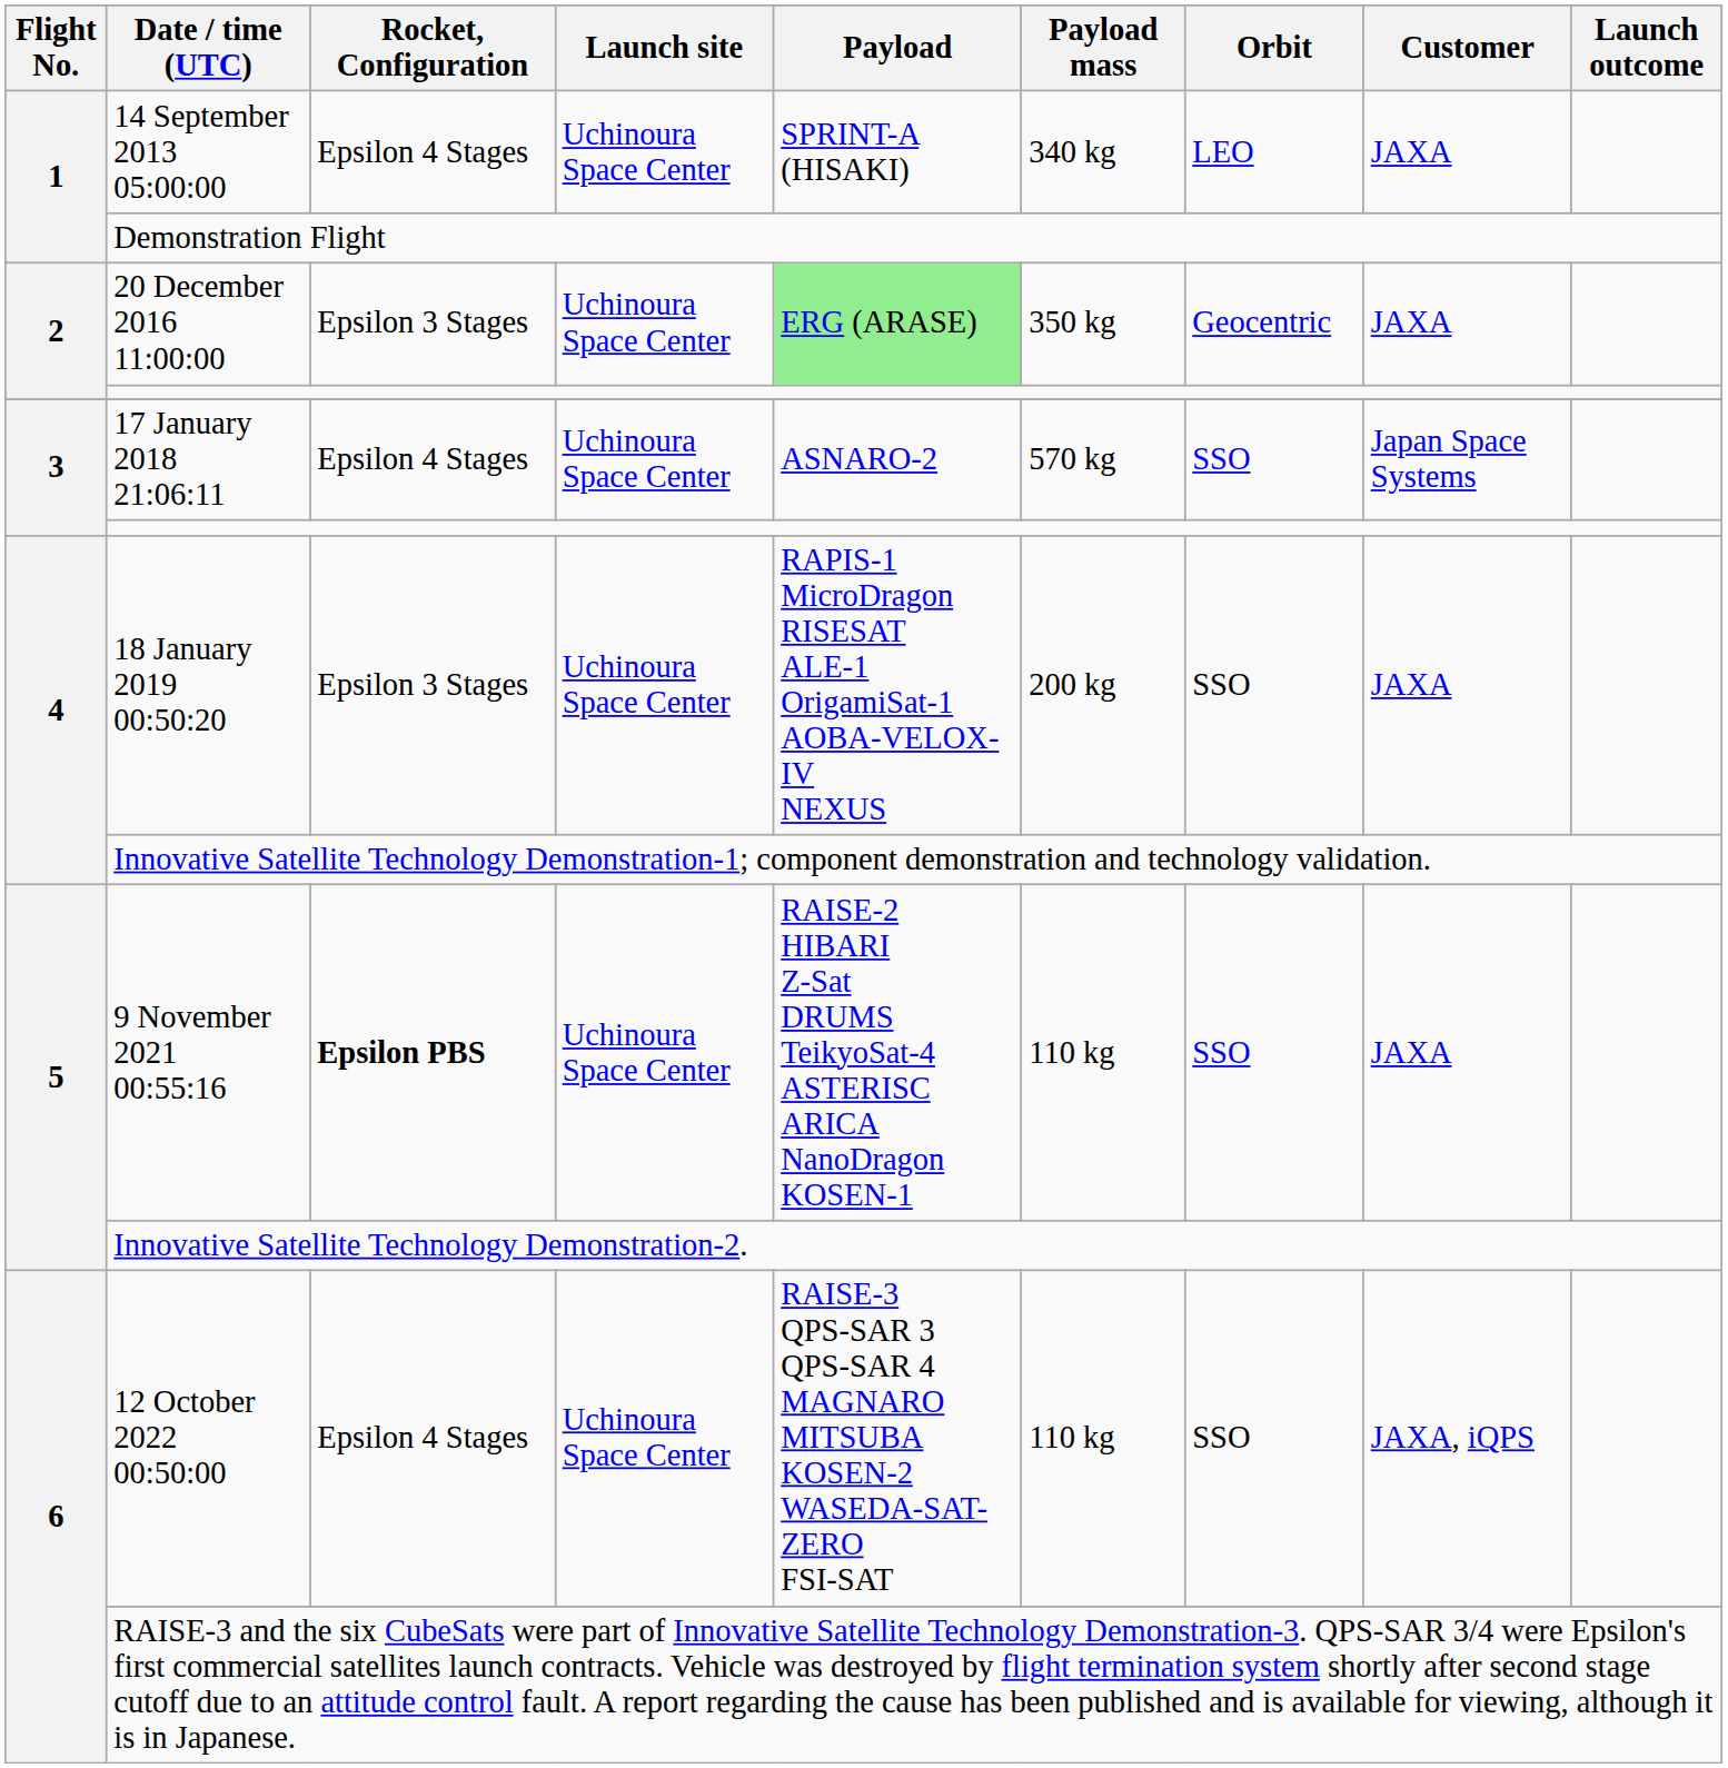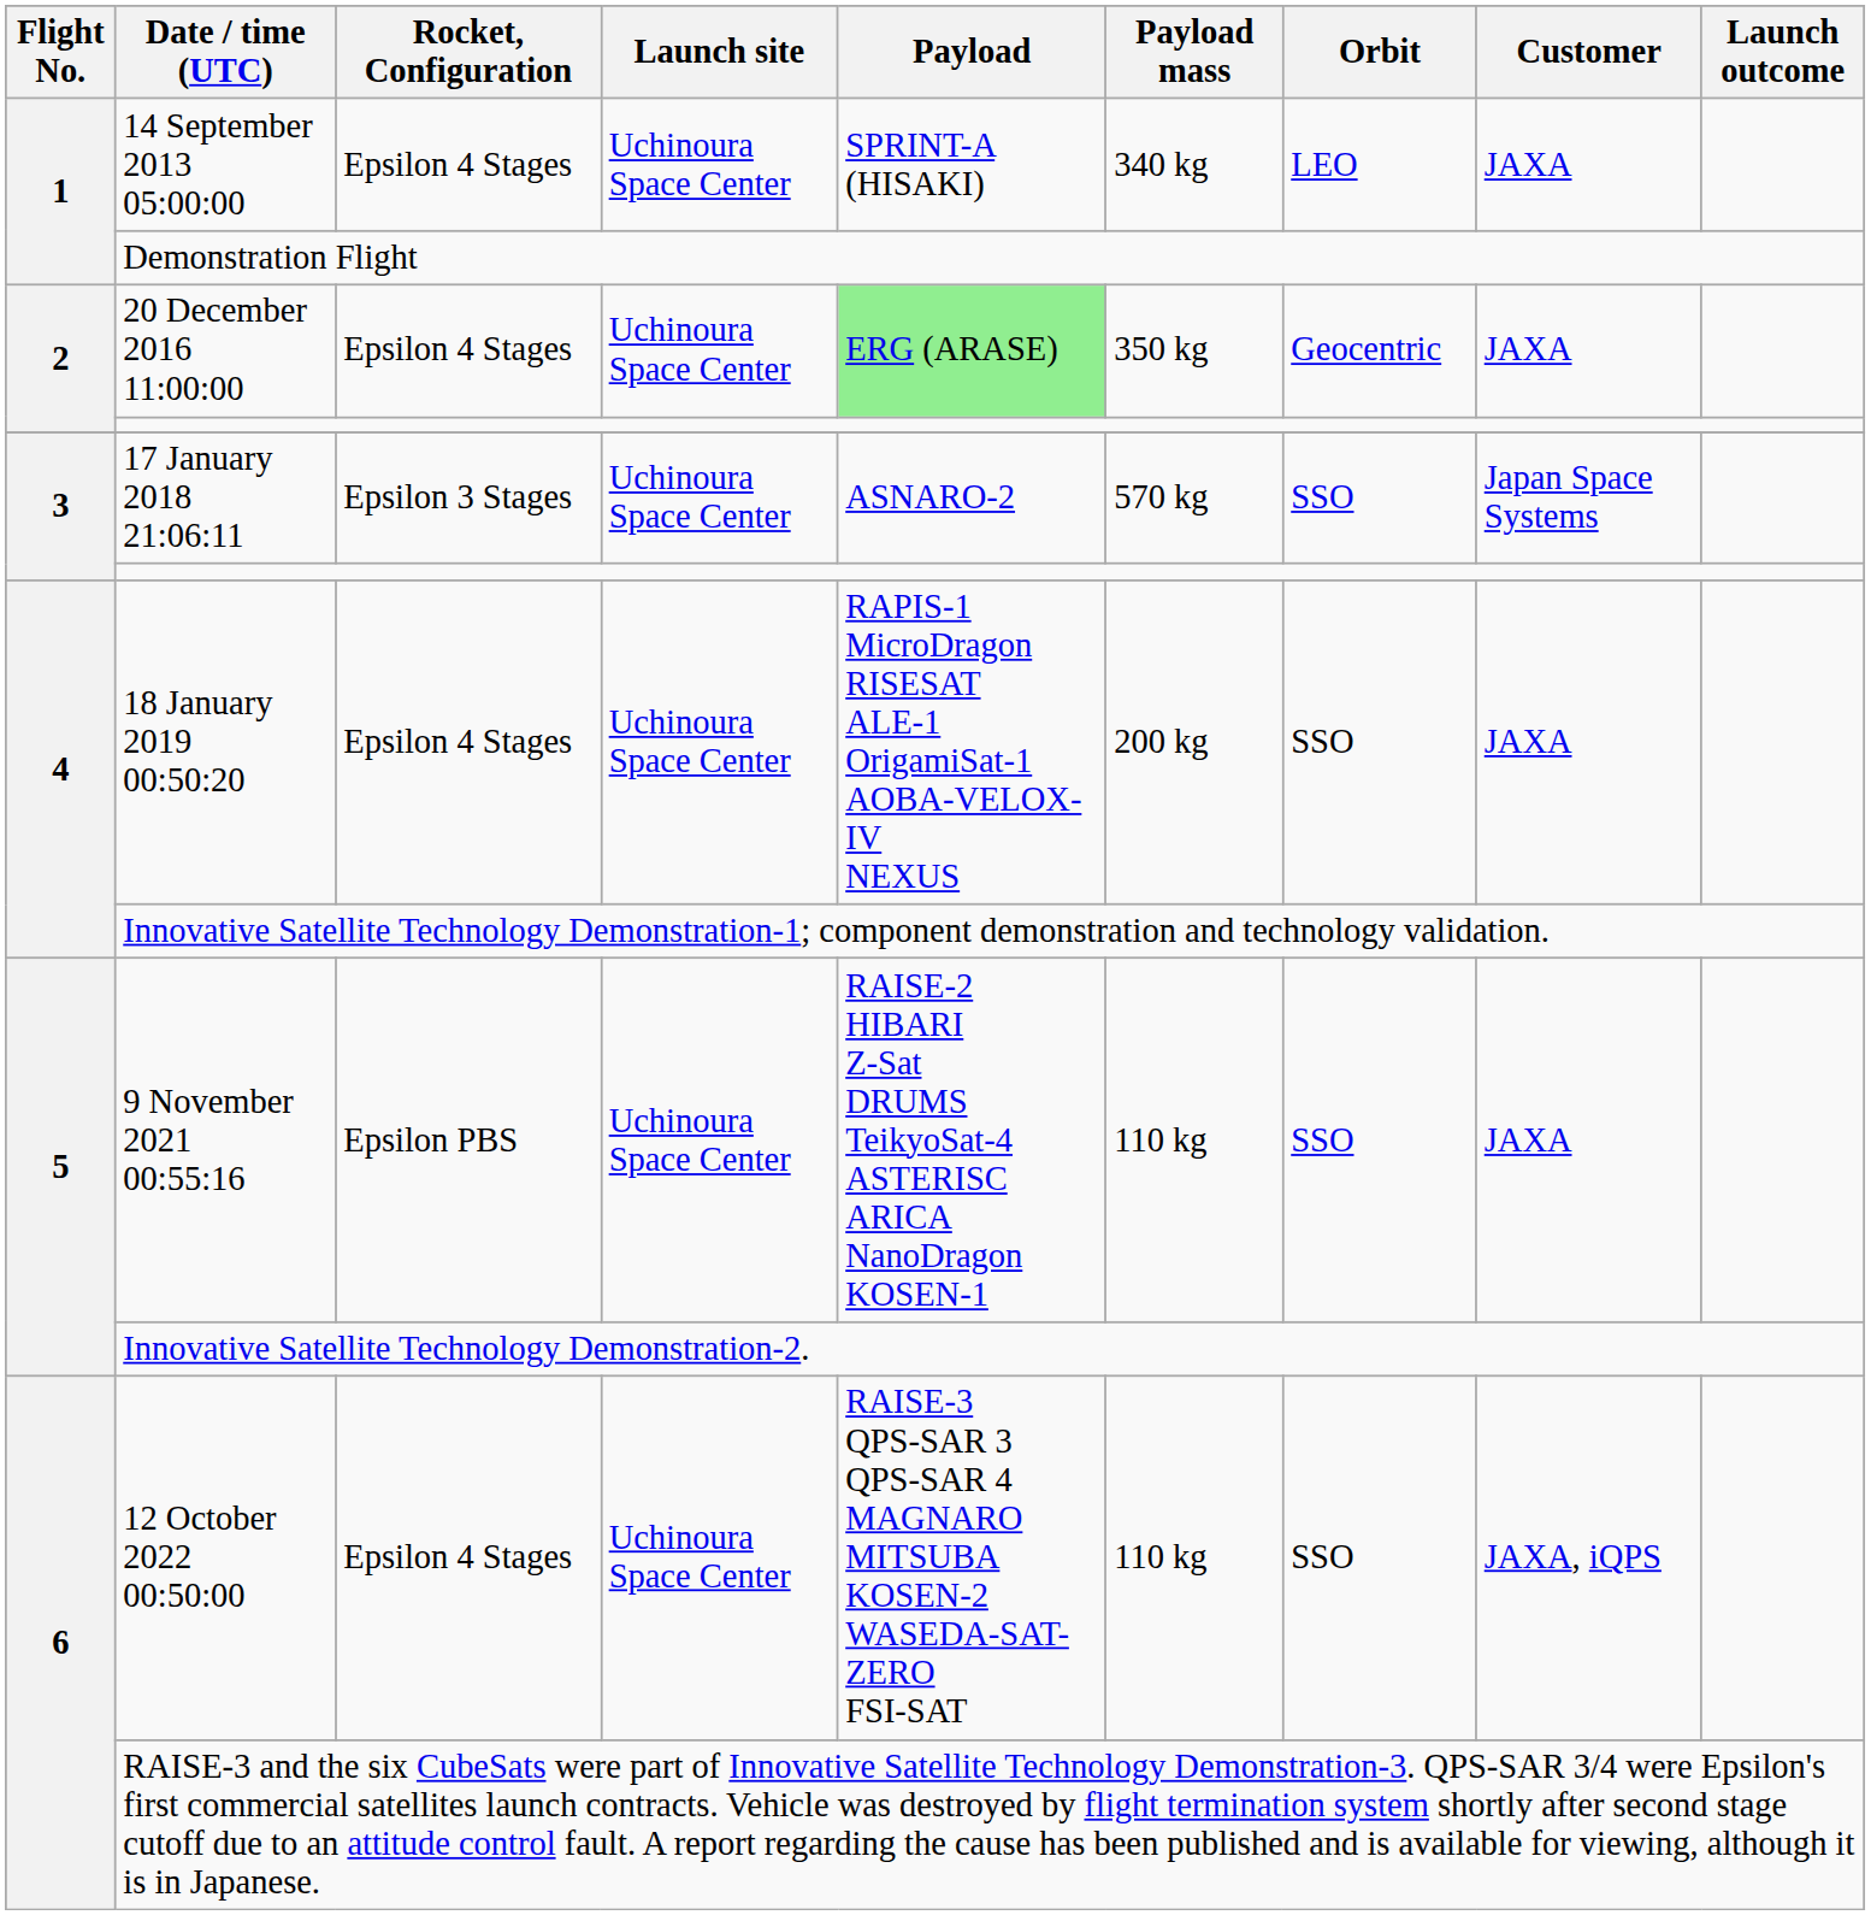 <table class="wikitable plainrowheaders">
 <tr>
 <th scope="col">Flight No.</th>
 <th scope="col">Date / time (<a href='#'>UTC</a>)</th>
 <th scope="col">Rocket, <br> Configuration</th>
 <th scope="col">Launch site</th>
 <th scope="col">Payload</th>
 <th scope="col">Payload mass</th>
 <th scope="col">Orbit</th>
 <th scope="col">Customer</th>
 <th scope="col">Launch <br> outcome</th>
 </tr>
 <tr>
 <th scope="row" rowspan=2 style="text-align:center;">1</th>
 <td>14 September 2013<br>05:00:00</td>
 <td>Epsilon 4 Stages </td>
 <td><a href='#'>Uchinoura Space Center</a></td>
 <td><a href='#'>SPRINT-A</a> (HISAKI)</td>
 <td>340 kg</td>
 <td><a href='#'>LEO</a></td>
 <td><a href='#'>JAXA</a></td>
 <td></td>
 </tr>
 <tr>
 <td colspan="8">Demonstration Flight</td>
 </tr>
 <tr>
 <th scope="row" rowspan=2 style="text-align:center;">2</th>
 <td>20 December 2016<br>11:00:00 </td>
-<td>Epsilon 3 Stages</td>
+<td>Epsilon 4 Stages </td>
 <td><a href='#'>Uchinoura Space Center</a></td>
 <td style="background: lightgreen;"><a href='#'>ERG</a> (ARASE)</td>
 <td>350 kg </td>
 <td><a href='#'>Geocentric</a></td>
 <td><a href='#'>JAXA</a></td>
 <td></td>
 </tr>
 <tr>
 <td colspan="8"></td>
 </tr>
 <tr>
 </tr>
 <tr>
 <th scope="row" rowspan=2 style="text-align:center;">3</th>
 <td>17 January 2018<br>21:06:11 </td>
-<td>Epsilon 4 Stages </td>
+<td>Epsilon 3 Stages</td>
 <td><a href='#'>Uchinoura Space Center</a></td>
 <td><a href='#'>ASNARO-2</a></td>
 <td>570 kg</td>
 <td><a href='#'>SSO</a></td>
 <td><a href='#'>Japan Space Systems</a></td>
 <td></td>
 </tr>
 <tr>
 <td colspan="8"></td>
 </tr>
 <tr>
 <th scope="row" rowspan=2 style="text-align:center;">4</th>
 <td>18 January 2019<br>00:50:20 </td>
-<td>Epsilon 3 Stages</td>
+<td>Epsilon 4 Stages</td>
 <td><a href='#'>Uchinoura Space Center</a></td>
 <td><a href='#'>RAPIS-1</a><br><a href='#'>MicroDragon</a><br><a href='#'>RISESAT</a><br><a href='#'>ALE-1</a><br><a href='#'>OrigamiSat-1</a><br><a href='#'>AOBA-VELOX-IV</a><br><a href='#'>NEXUS</a></td>
 <td>200 kg</td>
 <td>SSO</td>
 <td><a href='#'>JAXA</a></td>
 <td></td>
 </tr>
 <tr>
 <td colspan="8"><a href='#'>Innovative Satellite Technology Demonstration-1</a>; component demonstration and technology validation.</td>
 </tr>
 <tr>
 <th scope="row" rowspan=2 style="text-align:center;">5</th>
 <td>9 November 2021<br>00:55:16 </td>
-<td><strong>Epsilon PBS</strong></td>
+<td>Epsilon PBS</td>
 <td><a href='#'>Uchinoura Space Center</a></td>
 <td><a href='#'>RAISE-2</a><br><a href='#'>HIBARI</a><br><a href='#'>Z-Sat</a><br><a href='#'>DRUMS</a><br><a href='#'>TeikyoSat-4</a><br><a href='#'>ASTERISC</a><br><a href='#'>ARICA</a><br><a href='#'>NanoDragon</a><br><a href='#'>KOSEN-1</a></td>
 <td>110 kg</td>
 <td><a href='#'>SSO</a></td>
 <td><a href='#'>JAXA</a></td>
 <td></td>
 </tr>
 <tr>
 <td colspan="8"><a href='#'>Innovative Satellite Technology Demonstration-2</a>.</td>
 </tr>
 <tr>
 <th scope="row" rowspan=2 style="text-align:center;">6</th>
 <td>12 October 2022 <br>00:50:00 </td>
 <td>Epsilon 4 Stages</td>
 <td><a href='#'>Uchinoura Space Center</a></td>
 <td><a href='#'>RAISE-3</a><br>QPS-SAR 3<br>QPS-SAR 4<br><a href='#'>MAGNARO</a><br><a href='#'>MITSUBA</a><br><a href='#'>KOSEN-2</a><br><a href='#'>WASEDA-SAT-ZERO</a><br>FSI-SAT</td>
 <td>110 kg</td>
 <td>SSO</td>
 <td><a href='#'>JAXA</a>, <a href='#'>iQPS</a></td>
 <td></td>
 </tr>
 <tr>
 <td colspan="8">RAISE-3 and the six <a href='#'>CubeSats</a> were part of <a href='#'>Innovative Satellite Technology Demonstration-3</a>. QPS-SAR 3/4 were Epsilon's first commercial satellites launch contracts. Vehicle was destroyed by <a href='#'>flight termination system</a> shortly after second stage cutoff due to an <a href='#'>attitude control</a> fault. A report regarding the cause has been published and is available for viewing, although it is in Japanese.</td>
 </tr>
 </table>
